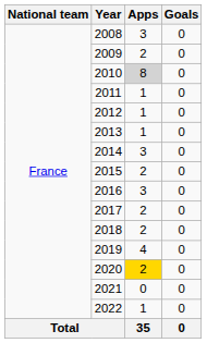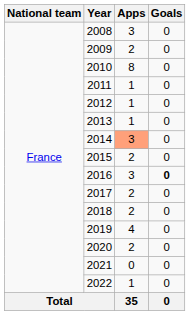 <table class="wikitable" style="text-align: center;">
 <tr>
 <th>National team</th>
 <th>Year</th>
 <th>Apps</th>
 <th>Goals</th>
 </tr>
 <tr>
 <td rowspan="15"><a href='#'>France</a></td>
 <td>2008</td>
 <td>3</td>
 <td>0</td>
 </tr>
 <tr>
 <td>2009</td>
 <td>2</td>
 <td>0</td>
 </tr>
 <tr>
 <td>2010</td>
-<td style="background: lightgrey;">8</td>
+<td>8</td>
 <td>0</td>
 </tr>
 <tr>
 <td>2011</td>
 <td>1</td>
 <td>0</td>
 </tr>
 <tr>
 <td>2012</td>
 <td>1</td>
 <td>0</td>
 </tr>
 <tr>
 <td>2013</td>
 <td>1</td>
 <td>0</td>
 </tr>
 <tr>
 <td>2014</td>
-<td>3</td>
+<td style="background: lightsalmon;">3</td>
 <td>0</td>
 </tr>
 <tr>
 <td>2015</td>
 <td>2</td>
 <td>0</td>
 </tr>
 <tr>
 <td>2016</td>
 <td>3</td>
-<td>0</td>
+<td><strong>0</strong></td>
 </tr>
 <tr>
 <td>2017</td>
 <td>2</td>
 <td>0</td>
 </tr>
 <tr>
 <td>2018</td>
 <td>2</td>
 <td>0</td>
 </tr>
 <tr>
 <td>2019</td>
 <td>4</td>
 <td>0</td>
 </tr>
 <tr>
 <td>2020</td>
-<td style="background: gold;">2</td>
+<td>2</td>
 <td>0</td>
 </tr>
 <tr>
 <td>2021</td>
 <td>0</td>
 <td>0</td>
 </tr>
 <tr>
 <td>2022</td>
 <td>1</td>
 <td>0</td>
 </tr>
 <tr>
 <th colspan="2">Total</th>
 <th>35</th>
 <th>0</th>
 </tr>
 </table>
